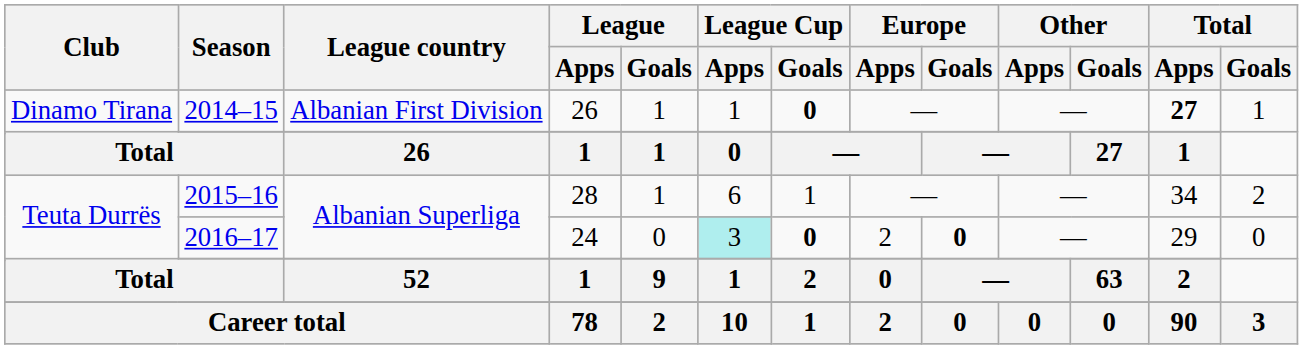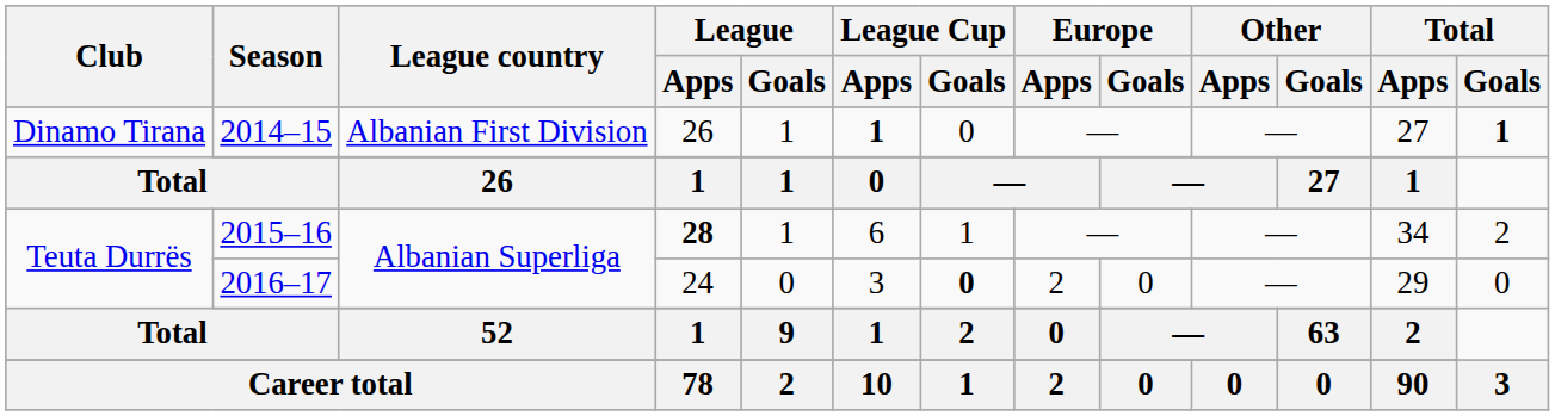 <table class="wikitable" style="text-align: center;">
 <tr>
 <th rowspan="2">Club</th>
 <th rowspan="2">Season</th>
 <th rowspan="2">League country</th>
 <th colspan="2">League</th>
 <th colspan="2">League Cup</th>
 <th colspan="2">Europe</th>
 <th colspan="2">Other</th>
 <th colspan="2">Total</th>
 </tr>
 <tr>
 <th>Apps</th>
 <th>Goals</th>
 <th>Apps</th>
 <th>Goals</th>
 <th>Apps</th>
 <th>Goals</th>
 <th>Apps</th>
 <th>Goals</th>
 <th>Apps</th>
 <th>Goals</th>
 </tr>
 <tr>
 <td rowspan="2" valign="center"><a href='#'>Dinamo Tirana</a></td>
 <td><a href='#'>2014–15</a></td>
 <td rowspan="1"><a href='#'>Albanian First Division</a></td>
 <td>26</td>
 <td>1</td>
-<td>1</td>
-<td><strong>0</strong></td>
+<td><strong>1</strong></td>
+<td>0</td>
 <td colspan="2">—</td>
 <td colspan="2">—</td>
-<td><strong>27</strong></td>
-<td>1</td>
+<td>27</td>
+<td><strong>1</strong></td>
 </tr>
 <tr>
 </tr>
 <tr>
 <th colspan="2" valign="center">Total</th>
 <th>26</th>
 <th>1</th>
 <th>1</th>
 <th>0</th>
 <th colspan="2">—</th>
 <th colspan="2">—</th>
 <th>27</th>
 <th>1</th>
 </tr>
 <tr>
 <td rowspan="3" valign="center"><a href='#'>Teuta Durrës</a></td>
 <td><a href='#'>2015–16</a></td>
 <td rowspan="2"><a href='#'>Albanian Superliga</a></td>
-<td>28</td>
+<td><strong>28</strong></td>
 <td>1</td>
 <td>6</td>
 <td>1</td>
 <td colspan="2">—</td>
 <td colspan="2">—</td>
 <td>34</td>
 <td>2</td>
 </tr>
 <tr>
 <td><a href='#'>2016–17</a></td>
 <td>24</td>
 <td>0</td>
-<td style="background: paleturquoise;">3</td>
+<td>3</td>
 <td><strong>0</strong></td>
 <td>2</td>
-<td><strong>0</strong></td>
+<td>0</td>
 <td colspan="2">—</td>
 <td>29</td>
 <td>0</td>
 </tr>
 <tr>
 </tr>
 <tr>
 <th colspan="2" valign="center">Total</th>
 <th>52</th>
 <th>1</th>
 <th>9</th>
 <th>1</th>
 <th>2</th>
 <th>0</th>
 <th colspan="2">—</th>
 <th>63</th>
 <th>2</th>
 </tr>
 <tr>
 </tr>
 <tr>
 <th colspan="3">Career total</th>
 <th>78</th>
 <th>2</th>
 <th>10</th>
 <th>1</th>
 <th>2</th>
 <th>0</th>
 <th>0</th>
 <th>0</th>
 <th>90</th>
 <th>3</th>
 </tr>
 </table>
